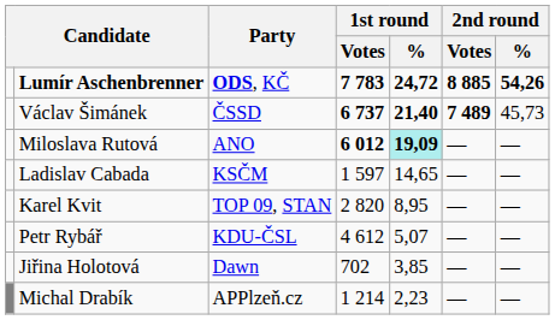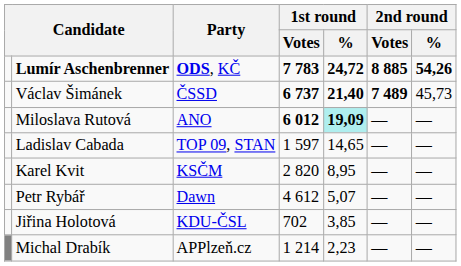 <table class="wikitable sortable">
 <tr>
 <th colspan="2" rowspan="2">Candidate</th>
 <th rowspan="2">Party</th>
 <th colspan="2">1st round</th>
 <th colspan="2">2nd round</th>
 </tr>
 <tr>
 <th>Votes</th>
 <th>%</th>
 <th>Votes</th>
 <th>%</th>
 </tr>
 <tr>
 <td style="background-color:"></td>
 <td><strong>Lumír Aschenbrenner</strong></td>
 <td><a href='#'><strong>ODS</strong></a>, <a href='#'>KČ</a></td>
 <td><strong>7 783</strong></td>
 <td><strong>24,72</strong></td>
 <td><strong>8 885</strong></td>
 <td><strong>54,26</strong></td>
 </tr>
 <tr>
 <td style="background-color:"></td>
 <td>Václav Šimánek</td>
 <td><a href='#'>ČSSD</a></td>
 <td><strong>6 737</strong></td>
 <td><strong>21,40</strong></td>
 <td><strong>7 489</strong></td>
 <td>45,73</td>
 </tr>
 <tr>
 <td style="background-color:"></td>
 <td>Miloslava Rutová</td>
 <td><a href='#'>ANO</a></td>
 <td><strong>6 012</strong></td>
 <td style="background: paleturquoise;"><strong>19,09</strong></td>
 <td>—</td>
 <td>—</td>
 </tr>
 <tr>
 <td style="background-color:"></td>
 <td>Ladislav Cabada</td>
-<td><a href='#'>KSČM</a></td>
+<td><a href='#'>TOP 09</a>, <a href='#'>STAN</a></td>
 <td>1 597</td>
 <td>14,65</td>
 <td>—</td>
 <td>—</td>
 </tr>
 <tr>
 <td style="background-color:"></td>
 <td>Karel Kvit</td>
-<td><a href='#'>TOP 09</a>, <a href='#'>STAN</a></td>
+<td><a href='#'>KSČM</a></td>
 <td>2 820</td>
 <td>8,95</td>
 <td>—</td>
 <td>—</td>
 </tr>
 <tr>
 <td style="background-color:"></td>
 <td>Petr Rybář</td>
-<td><a href='#'>KDU-ČSL</a></td>
+<td><a href='#'>Dawn</a></td>
 <td>4 612</td>
 <td>5,07</td>
 <td>—</td>
 <td>—</td>
 </tr>
 <tr>
 <td style="background-color:"></td>
 <td>Jiřina Holotová</td>
-<td><a href='#'>Dawn</a></td>
+<td><a href='#'>KDU-ČSL</a></td>
 <td>702</td>
 <td>3,85</td>
 <td>—</td>
 <td>—</td>
 </tr>
 <tr>
 <td style="background-color:gray;"></td>
 <td>Michal Drabík</td>
 <td>APPlzeň.cz</td>
 <td>1 214</td>
 <td>2,23</td>
 <td>—</td>
 <td>—</td>
 </tr>
 </table>
